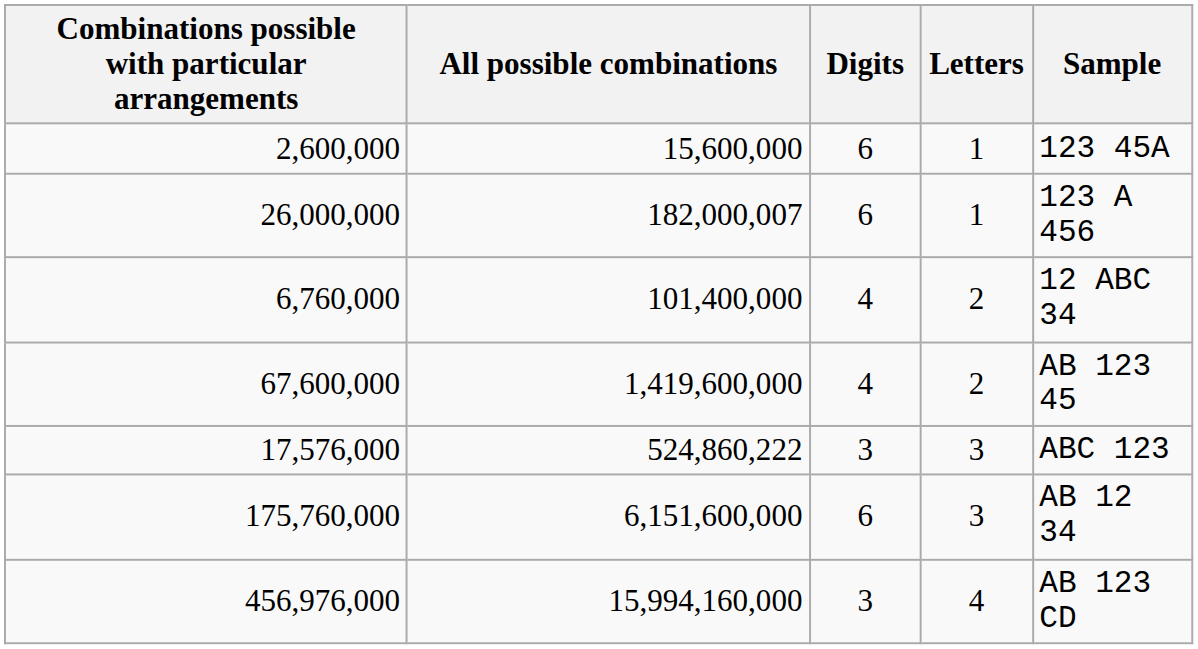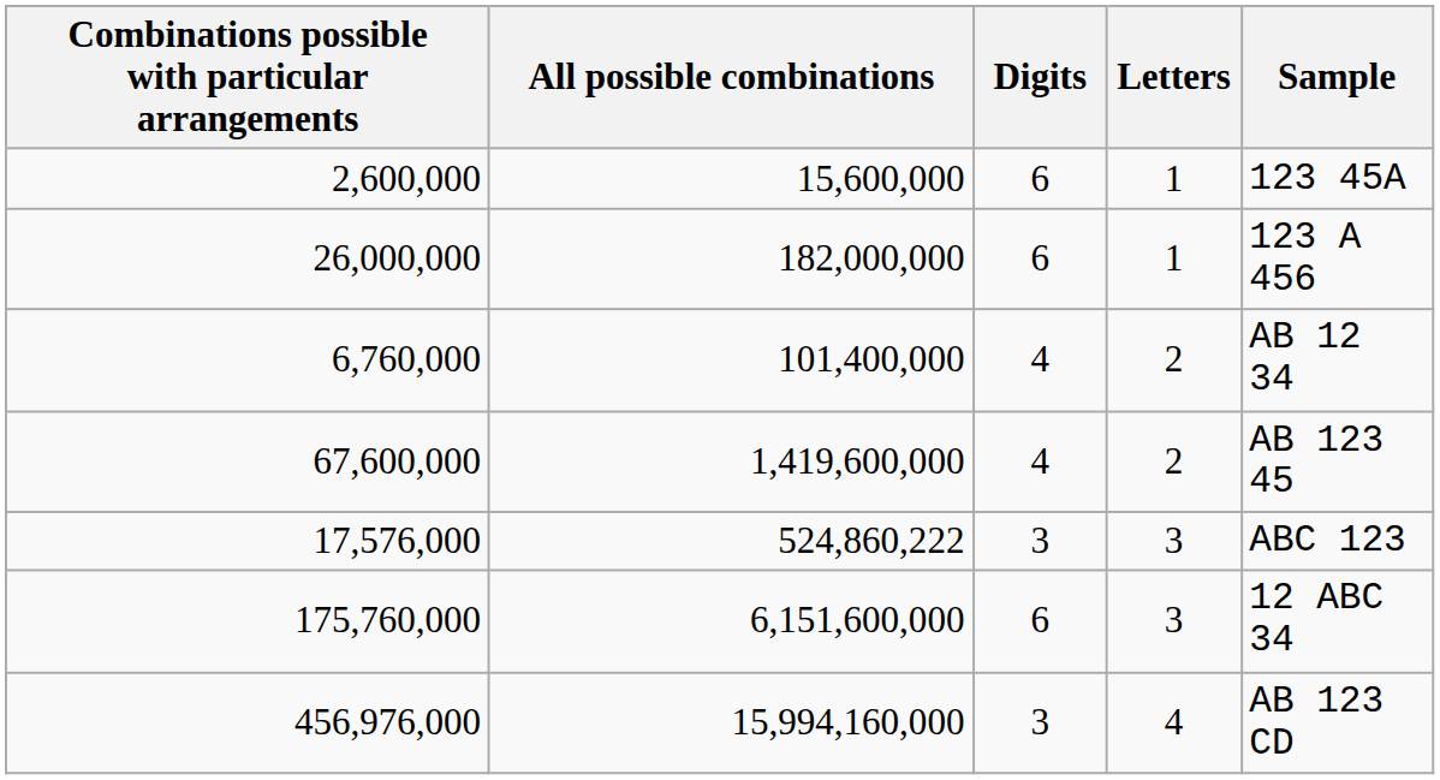 <table class="wikitable mw-collapsible mw-collapsed">
 <tr>
 <th scope="row" style="width: 200px;">Combinations possible<br>with particular arrangements</th>
 <th scope="row" style="width: 200px;">All possible combinations</th>
 <th scope="row" style="width:  50px;">Digits</th>
 <th scope="row" style="width:  50px;">Letters</th>
 <th scope="row" style="width:  75px;">Sample</th>
 </tr>
 <tr>
 <td style="text-align: right;">2,600,000</td>
 <td style="text-align: right;">15,600,000</td>
 <td style="text-align: center;">6</td>
 <td style="text-align: center;">1</td>
 <td style="font-family: monospace, monospace;">123 45A</td>
 </tr>
 <tr>
 <td style="text-align: right;">26,000,000</td>
-<td style="text-align: right;">182,000,007</td>
+<td style="text-align: right;">182,000,000</td>
 <td style="text-align: center;">6</td>
 <td style="text-align: center;">1</td>
 <td style="font-family: monospace, monospace;">123 A 456</td>
 </tr>
 <tr>
 <td style="text-align: right;">6,760,000</td>
 <td style="text-align: right;">101,400,000</td>
 <td style="text-align: center;">4</td>
 <td style="text-align: center;">2</td>
-<td style="font-family: monospace, monospace;">12 ABC 34</td>
+<td style="font-family: monospace, monospace;">AB 12 34</td>
 </tr>
 <tr>
 <td style="text-align: right;">67,600,000</td>
 <td style="text-align: right;">1,419,600,000</td>
 <td style="text-align: center;">4</td>
 <td style="text-align: center;">2</td>
 <td style="font-family: monospace, monospace;">AB 123 45</td>
 </tr>
 <tr>
 <td style="text-align: right;">17,576,000</td>
 <td style="text-align: right;">524,860,222</td>
 <td style="text-align: center;">3</td>
 <td style="text-align: center;">3</td>
 <td style="font-family: monospace, monospace;">ABC 123</td>
 </tr>
 <tr>
 <td style="text-align: right;">175,760,000</td>
 <td style="text-align: right;">6,151,600,000</td>
 <td style="text-align: center;">6</td>
 <td style="text-align: center;">3</td>
-<td style="font-family: monospace, monospace;">AB 12 34</td>
+<td style="font-family: monospace, monospace;">12 ABC 34</td>
 </tr>
 <tr>
 <td style="text-align: right;">456,976,000</td>
 <td style="text-align: right;">15,994,160,000</td>
 <td style="text-align: center;">3</td>
 <td style="text-align: center;">4</td>
 <td style="font-family: monospace, monospace;">AB 123 CD</td>
 </tr>
 </table>
